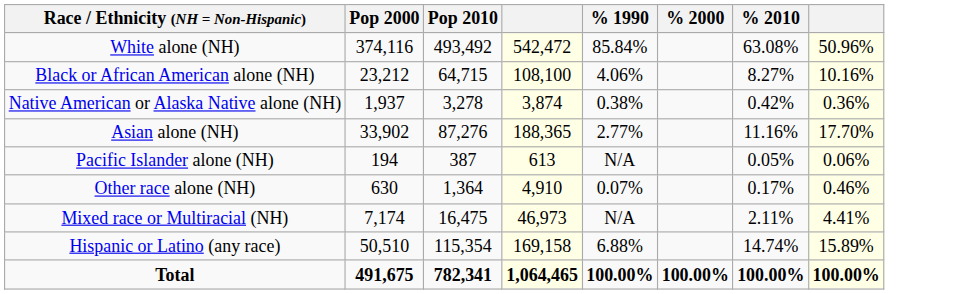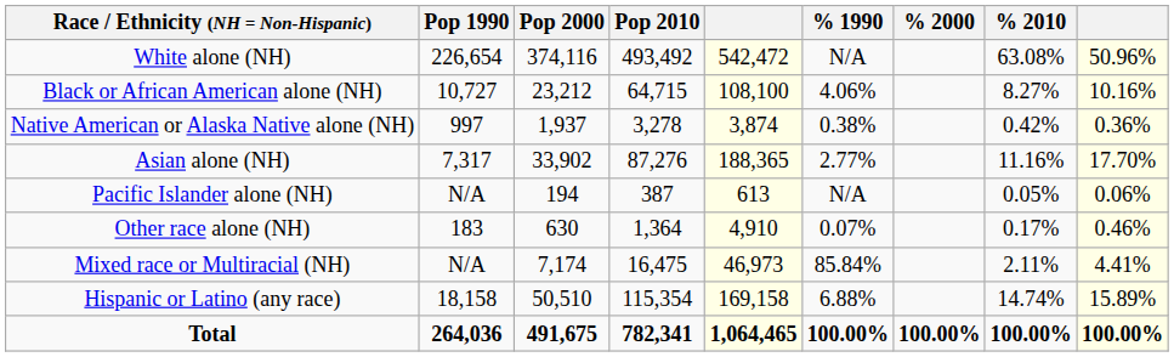 <table class="wikitable" style="text-align:center;">
 <tr>
 <th>Race / Ethnicity <small>(<em>NH = Non-Hispanic</em>)</small></th>
+<th>Pop 1990</th>
 <th>Pop 2000</th>
 <th>Pop 2010</th>
 <th></th>
 <th>% 1990</th>
 <th>% 2000</th>
 <th>% 2010</th>
 <th></th>
 </tr>
 <tr>
 <td><a href='#'>White</a> alone (NH)</td>
+<td>226,654</td>
 <td>374,116</td>
 <td>493,492</td>
 <td style='background: #ffffe6;'>542,472</td>
-<td>85.84%</td>
+<td>N/A</td>
 <td></td>
 <td>63.08%</td>
 <td style='background: #ffffe6;'>50.96%</td>
 </tr>
 <tr>
 <td><a href='#'>Black or African American</a> alone (NH)</td>
+<td>10,727</td>
 <td>23,212</td>
 <td>64,715</td>
 <td style='background: #ffffe6;'>108,100</td>
 <td>4.06%</td>
 <td></td>
 <td>8.27%</td>
 <td style='background: #ffffe6;'>10.16%</td>
 </tr>
 <tr>
 <td><a href='#'>Native American</a> or <a href='#'>Alaska Native</a> alone (NH)</td>
+<td>997</td>
 <td>1,937</td>
 <td>3,278</td>
 <td style='background: #ffffe6;'>3,874</td>
 <td>0.38%</td>
 <td></td>
 <td>0.42%</td>
 <td style='background: #ffffe6;'>0.36%</td>
 </tr>
 <tr>
 <td><a href='#'>Asian</a> alone (NH)</td>
+<td>7,317</td>
 <td>33,902</td>
 <td>87,276</td>
 <td style='background: #ffffe6;'>188,365</td>
 <td>2.77%</td>
 <td></td>
 <td>11.16%</td>
 <td style='background: #ffffe6;'>17.70%</td>
 </tr>
 <tr>
 <td><a href='#'>Pacific Islander</a> alone (NH)</td>
+<td>N/A</td>
 <td>194</td>
 <td>387</td>
 <td style='background: #ffffe6;'>613</td>
 <td>N/A</td>
 <td></td>
 <td>0.05%</td>
 <td style='background: #ffffe6;'>0.06%</td>
 </tr>
 <tr>
 <td><a href='#'>Other race</a> alone (NH)</td>
+<td>183</td>
 <td>630</td>
 <td>1,364</td>
 <td style='background: #ffffe6;'>4,910</td>
 <td>0.07%</td>
 <td></td>
 <td>0.17%</td>
 <td style='background: #ffffe6;'>0.46%</td>
 </tr>
 <tr>
 <td><a href='#'>Mixed race or Multiracial</a> (NH)</td>
+<td>N/A</td>
 <td>7,174</td>
 <td>16,475</td>
 <td style='background: #ffffe6;'>46,973</td>
-<td>N/A</td>
+<td>85.84%</td>
 <td></td>
 <td>2.11%</td>
 <td style='background: #ffffe6;'>4.41%</td>
 </tr>
 <tr>
 <td><a href='#'>Hispanic or Latino</a> (any race)</td>
+<td>18,158</td>
 <td>50,510</td>
 <td>115,354</td>
 <td style='background: #ffffe6;'>169,158</td>
 <td>6.88%</td>
 <td></td>
 <td>14.74%</td>
 <td style='background: #ffffe6;'>15.89%</td>
 </tr>
 <tr>
 <td><strong>Total</strong></td>
+<td><strong>264,036</strong></td>
 <td><strong>491,675</strong></td>
 <td><strong>782,341</strong></td>
 <td style='background: #ffffe6;'><strong>1,064,465</strong></td>
 <td><strong>100.00%</strong></td>
 <td><strong>100.00%</strong></td>
 <td><strong>100.00%</strong></td>
 <td style='background: #ffffe6;'><strong>100.00%</strong></td>
 </tr>
 </table>
